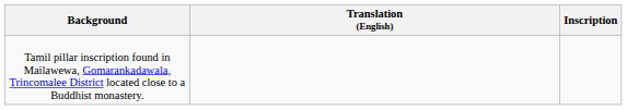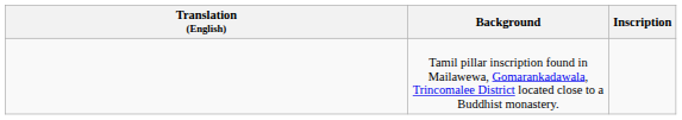 <table class="wikitable centre">
 <tr>
+<th>Translation<br><small>(English)</small></th>
 <th scope="col" align=left>Background<br></th>
-<th>Translation<br><small>(English)</small></th>
 <th>Inscription<br></th>
 </tr>
 <tr>
+<td align=left><br></td>
 <td align=center width="30%"><br>Tamil pillar inscription found in Mailawewa, <a href='#'>Gomarankadawala</a>, <a href='#'>Trincomalee District</a> located close to a Buddhist monastery.</td>
-<td align=left><br></td>
 <td align=center width="10%"></td>
 </tr>
 </table>
